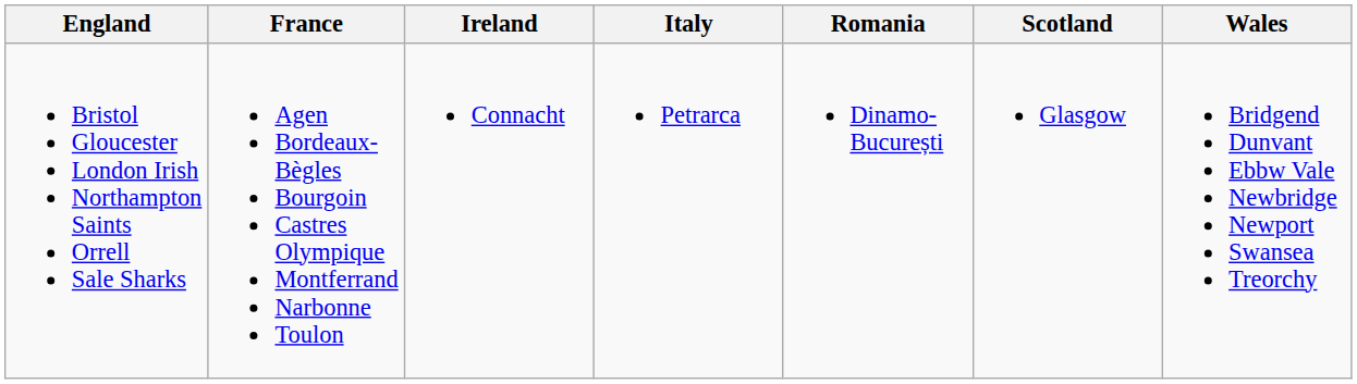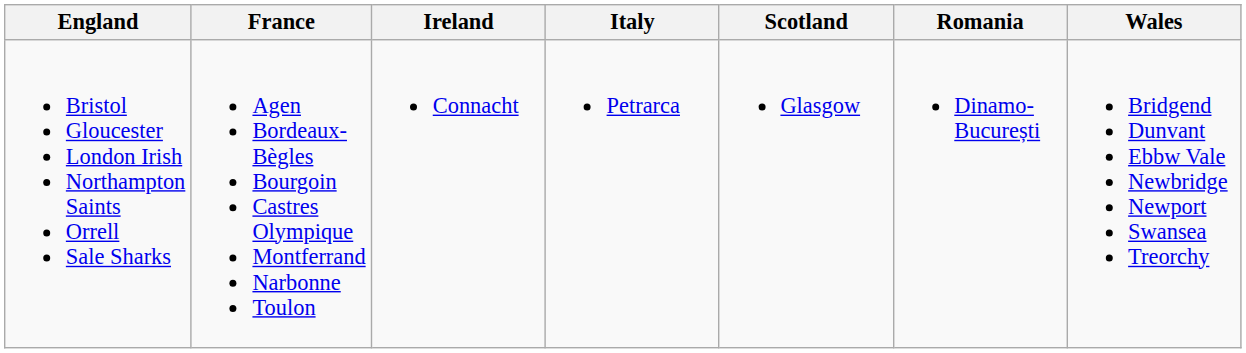 <table class="wikitable" style="width:100%;">
 <tr>
 <th width=14%>England</th>
 <th width=14%>France</th>
 <th width=14%>Ireland</th>
 <th width=14%>Italy</th>
+<th width=14%>Scotland</th>
 <th width=14%>Romania</th>
-<th width=14%>Scotland</th>
 <th width=14%>Wales</th>
 </tr>
 <tr valign=top>
 <td><br><ul><li><a href='#'>Bristol</a></li><li><a href='#'>Gloucester</a></li><li><a href='#'>London Irish</a></li><li><a href='#'>Northampton Saints</a></li><li><a href='#'>Orrell</a></li><li><a href='#'>Sale Sharks</a></li></ul></td>
 <td><br><ul><li><a href='#'>Agen</a></li><li><a href='#'>Bordeaux-Bègles</a></li><li><a href='#'>Bourgoin</a></li><li><a href='#'>Castres Olympique</a></li><li><a href='#'>Montferrand</a></li><li><a href='#'>Narbonne</a></li><li><a href='#'>Toulon</a></li></ul></td>
 <td><br><ul><li><a href='#'>Connacht</a></li></ul></td>
 <td><br><ul><li><a href='#'>Petrarca</a></li></ul></td>
+<td><br><ul><li><a href='#'>Glasgow</a></li></ul></td>
 <td><br><ul><li><a href='#'>Dinamo-București</a></li></ul></td>
-<td><br><ul><li><a href='#'>Glasgow</a></li></ul></td>
 <td><br><ul><li><a href='#'>Bridgend</a></li><li><a href='#'>Dunvant</a></li><li><a href='#'>Ebbw Vale</a></li><li><a href='#'>Newbridge</a></li><li><a href='#'>Newport</a></li><li><a href='#'>Swansea</a></li><li><a href='#'>Treorchy</a></li></ul></td>
 </tr>
 </table>
